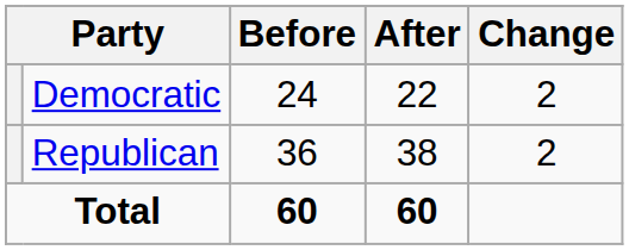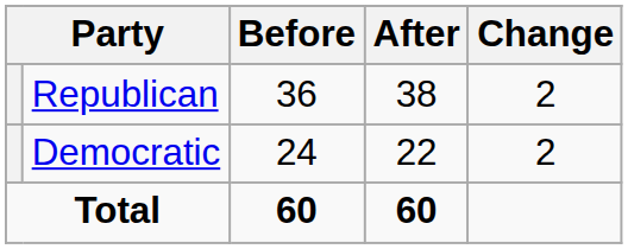 <table class="wikitable" style="text-align:center;">
 <tr>
 </tr>
 <tr>
 <th colspan=2>Party</th>
 <th>Before</th>
 <th>After</th>
 <th>Change</th>
 </tr>
 <tr>
 <th style="background-color:"></th>
-<td style="text-align:left;"><a href='#'>Democratic</a></td>
-<td>24</td>
-<td>22</td>
+<td style="text-align:left;"><a href='#'>Republican</a></td>
+<td>36</td>
+<td>38</td>
 <td> 2</td>
 </tr>
 <tr>
 <th style="background-color:"></th>
-<td style="text-align:left;"><a href='#'>Republican</a></td>
-<td>36</td>
-<td>38</td>
+<td style="text-align:left;"><a href='#'>Democratic</a></td>
+<td>24</td>
+<td>22</td>
 <td> 2</td>
 </tr>
 <tr>
 <td colspan=2><strong>Total</strong></td>
 <td><strong>60</strong></td>
 <td><strong>60</strong></td>
 <td></td>
 </tr>
 </table>
